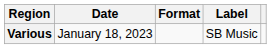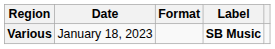 <table class="wikitable plainrowheaders">
 <tr>
 <th scope="col">Region</th>
 <th scope="col">Date</th>
 <th scope="col">Format</th>
 <th scope="col">Label</th>
 <th scope="col" class="unsortable"></th>
 </tr>
 <tr>
 <th scope="row">Various</th>
 <td rowspan="2">January 18, 2023</td>
 <td></td>
-<td>SB Music</td>
+<td><strong>SB Music</strong></td>
 <td></td>
 </tr>
 </table>
